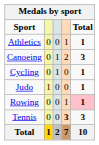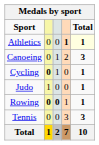 <table class="wikitable" style="font-size:85%; float:right;text-align:center">
 <tr style="background:#efefef;">
 <th colspan=5><strong>Medals by sport</strong></th>
 </tr>
 <tr align=center>
 <td><strong>Sport</strong></td>
 <td style="background:#f7f6a8;"></td>
 <td style="background:#dce5e5;"></td>
 <td style="background:#ffdab9;"></td>
 <td><strong>Total</strong></td>
 </tr>
 <tr align=center>
 <td><a href='#'>Athletics</a></td>
 <td style="background:#F7F6A8;">0</td>
 <td style="background:#DCE5E5;">0</td>
-<td style="background:#FFDAB9;">1</td>
-<td><strong>1</strong></td>
+<td style="background:#FFDAB9;"><strong>1</strong></td>
+<td style="background: lightyellow;"><strong>1</strong></td>
 </tr>
 <tr align=center>
 <td><a href='#'>Canoeing</a></td>
 <td style="background:#F7F6A8;">0</td>
 <td style="background:#DCE5E5;">1</td>
 <td style="background:#FFDAB9;">2</td>
 <td><strong>3</strong></td>
 </tr>
 <tr align=center>
 <td><a href='#'>Cycling</a></td>
-<td style="background:#F7F6A8;">0</td>
+<td style="background:#F7F6A8;"><strong>0</strong></td>
 <td style="background:#DCE5E5;">1</td>
 <td style="background:#FFDAB9;">0</td>
 <td><strong>1</strong></td>
 </tr>
 <tr align=center>
 <td><a href='#'>Judo</a></td>
 <td style="background:#F7F6A8;">1</td>
 <td style="background:#DCE5E5;">0</td>
 <td style="background:#FFDAB9;">0</td>
 <td><strong>1</strong></td>
 </tr>
 <tr align=center>
 <td><a href='#'>Rowing</a></td>
-<td style="background:#F7F6A8;">0</td>
-<td style="background:#DCE5E5;">0</td>
+<td style="background:#F7F6A8;"><strong>0</strong></td>
+<td style="background:#DCE5E5;"><strong>0</strong></td>
 <td style="background:#FFDAB9;">1</td>
-<td style="background: pink;"><strong>1</strong></td>
+<td><strong>1</strong></td>
 </tr>
 <tr align=center>
 <td><a href='#'>Tennis</a></td>
 <td style="background:#F7F6A8;">0</td>
 <td style="background:#DCE5E5;">0</td>
-<td style="background:#FFDAB9;"><strong>3</strong></td>
+<td style="background:#FFDAB9;">3</td>
 <td><strong>3</strong></td>
 </tr>
 <tr align=center>
 <th><strong>Total</strong></th>
 <th style="background:gold;">1</th>
 <th style="background:silver;">2</th>
 <th style="background:#c96;">7</th>
 <th>10</th>
 </tr>
 </table>
